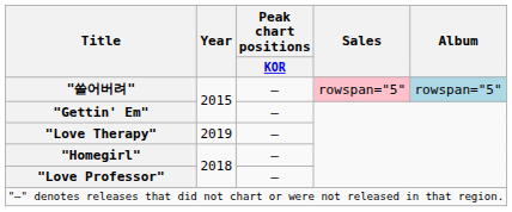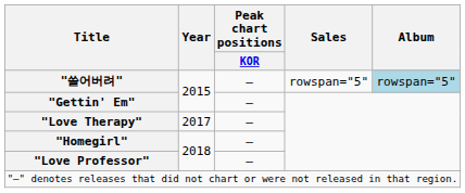 <table class="wikitable plainrowheaders" style="text-align:center;" border="1">
 <tr>
 <th scope="col" rowspan="2" style="width:14em;">Title</th>
 <th scope="col" rowspan="2">Year</th>
 <th scope="col" colspan="1">Peak chart positions</th>
 <th scope="col" rowspan="2">Sales</th>
 <th scope="col" rowspan="2">Album</th>
 </tr>
 <tr>
 <th scope="col" style="width:3em;font-size:90%;"><a href='#'>KOR</a><br></th>
 </tr>
 <tr>
 <th scope="row">"쓸어버려"<br></th>
 <td rowspan="2">2015</td>
 <td>—</td>
-<td style="background: pink;">rowspan="5" </td>
+<td>rowspan="5" </td>
 <td style="background: lightblue;">rowspan="5" </td>
 </tr>
 <tr>
 <th scope="row">"Gettin' Em"</th>
 <td>—</td>
 </tr>
 <tr>
 <th scope="row">"Love Therapy"<br></th>
-<td>2019</td>
+<td>2017</td>
 <td>—</td>
 </tr>
 <tr>
 <th scope="row">"Homegirl" <br></th>
 <td rowspan="2">2018</td>
 <td>—</td>
 </tr>
 <tr>
 <th scope="row">"Love Professor" <br></th>
 <td>—</td>
 </tr>
 <tr>
 <td colspan="5" style="font-size:8pt">"—" denotes releases that did not chart or were not released in that region.</td>
 </tr>
 </table>
